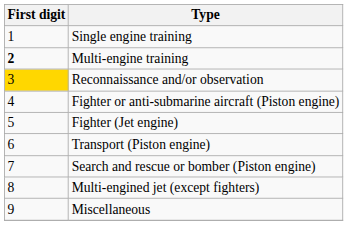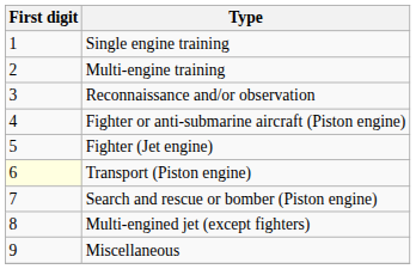 <table class="wikitable">
 <tr>
 <th style="text-align: center;">First digit</th>
 <th style="text-align: center;">Type</th>
 </tr>
 <tr>
 <td>1</td>
 <td>Single engine training</td>
 </tr>
 <tr>
-<td><strong>2</strong></td>
+<td>2</td>
 <td>Multi-engine training</td>
 </tr>
 <tr>
-<td style="background: gold;">3</td>
+<td>3</td>
 <td>Reconnaissance and/or observation</td>
 </tr>
 <tr>
 <td>4</td>
 <td>Fighter or anti-submarine aircraft (Piston engine)</td>
 </tr>
 <tr>
 <td>5</td>
 <td>Fighter (Jet engine)</td>
 </tr>
 <tr>
-<td>6</td>
+<td style="background: lightyellow;">6</td>
 <td>Transport (Piston engine)</td>
 </tr>
 <tr>
 <td>7</td>
 <td>Search and rescue or bomber (Piston engine)</td>
 </tr>
 <tr>
 <td>8</td>
 <td>Multi-engined jet (except fighters)</td>
 </tr>
 <tr>
 <td>9</td>
 <td>Miscellaneous</td>
 </tr>
 <tr>
 </tr>
 </table>
